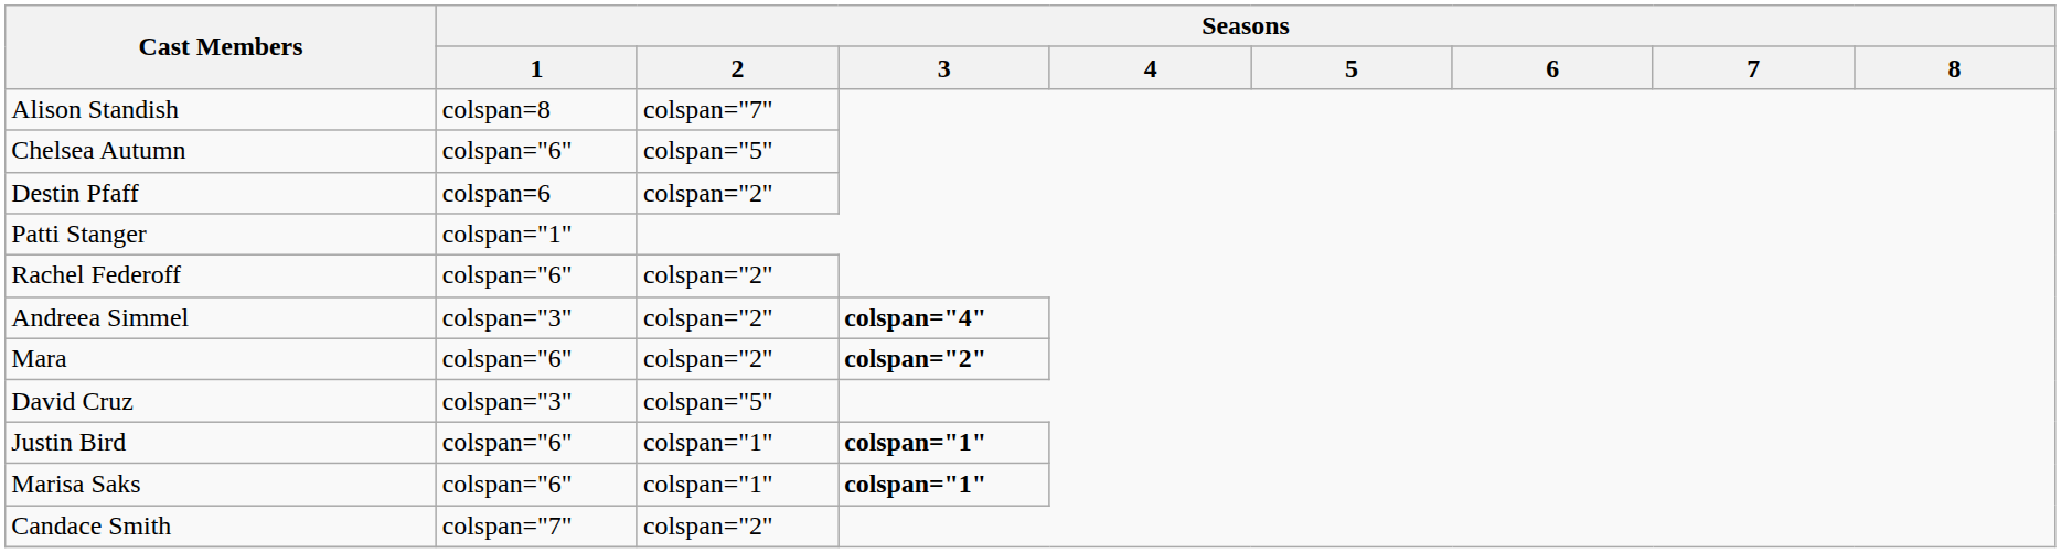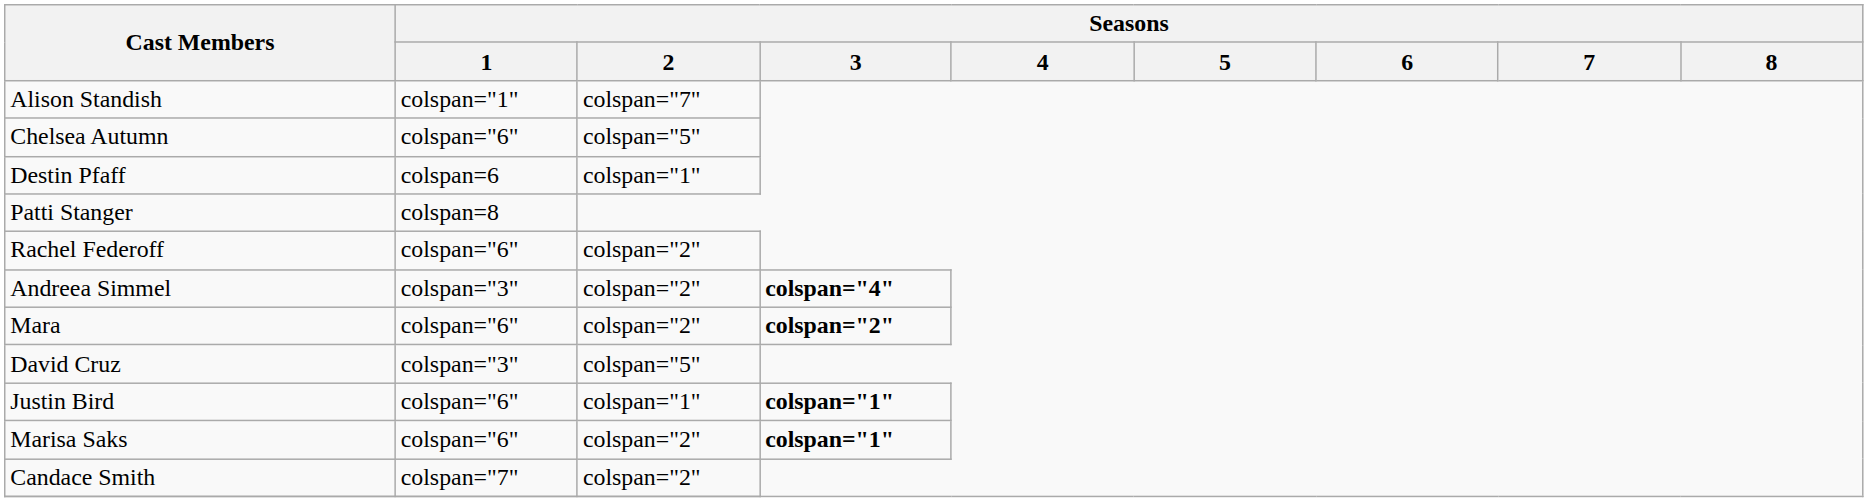 <table class="wikitable plainrowheaders" style=width: 64%>
 <tr>
 <th scope=col rowspan=2 style=width:15%>Cast Members</th>
 <th scope=col colspan=10>Seasons</th>
 </tr>
 <tr>
 <th scope=col style=width:7%>1</th>
 <th scope=col style=width:7%>2</th>
 <th scope=col style=width:7%>3</th>
 <th scope=col style=width:7%>4</th>
 <th scope=col style=width:7%>5</th>
 <th scope=col style=width:7%>6</th>
 <th scope=col style=width:7%>7</th>
 <th scope=col style=width:7%>8</th>
 </tr>
 <tr>
 <td>Alison Standish</td>
-<td>colspan=8 </td>
+<td>colspan="1" </td>
 <td>colspan="7" </td>
 </tr>
 <tr>
 <td>Chelsea Autumn</td>
 <td>colspan="6" </td>
 <td>colspan="5" </td>
 </tr>
 <tr>
 <td>Destin Pfaff</td>
 <td>colspan=6 </td>
-<td>colspan="2" </td>
+<td>colspan="1" </td>
 </tr>
 <tr>
 <td>Patti Stanger</td>
-<td>colspan="1" </td>
+<td>colspan=8 </td>
 </tr>
 <tr>
 <td>Rachel Federoff</td>
 <td>colspan="6" </td>
 <td>colspan="2" </td>
 </tr>
 <tr>
 <td>Andreea Simmel</td>
 <td>colspan="3" </td>
 <td>colspan="2" </td>
 <td><strong>colspan="4" </strong></td>
 </tr>
 <tr>
 <td>Mara</td>
 <td>colspan="6" </td>
 <td>colspan="2" </td>
 <td><strong>colspan="2" </strong></td>
 </tr>
 <tr>
 <td>David Cruz</td>
 <td>colspan="3" </td>
 <td>colspan="5" </td>
 </tr>
 <tr>
 <td>Justin Bird</td>
 <td>colspan="6" </td>
 <td>colspan="1" </td>
 <td><strong>colspan="1" </strong></td>
 </tr>
 <tr>
 <td>Marisa Saks</td>
 <td>colspan="6" </td>
-<td>colspan="1" </td>
+<td>colspan="2" </td>
 <td><strong>colspan="1" </strong></td>
 </tr>
 <tr>
 <td>Candace Smith</td>
 <td>colspan="7" </td>
 <td>colspan="2" </td>
 </tr>
 <tr>
 </tr>
 </table>
